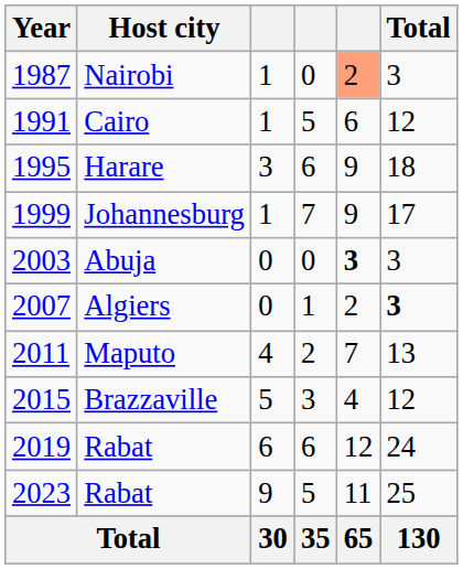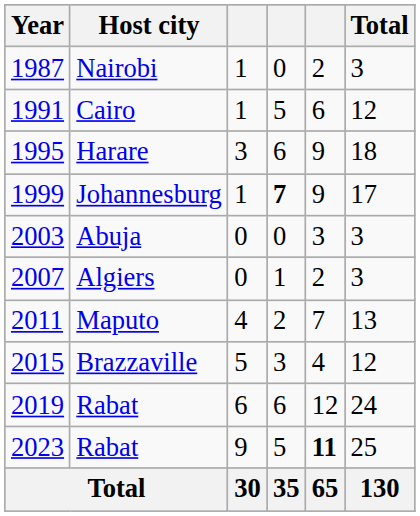 <table class="wikitable sortable">
 <tr>
 <th>Year</th>
 <th>Host city</th>
 <th></th>
 <th></th>
 <th></th>
 <th>Total</th>
 </tr>
 <tr>
 <td><a href='#'>1987</a></td>
 <td><a href='#'>Nairobi</a></td>
 <td>1</td>
 <td>0</td>
-<td style="background: lightsalmon;">2</td>
+<td>2</td>
 <td>3</td>
 </tr>
 <tr>
 <td><a href='#'>1991</a></td>
 <td><a href='#'>Cairo</a></td>
 <td>1</td>
 <td>5</td>
 <td>6</td>
 <td>12</td>
 </tr>
 <tr>
 <td><a href='#'>1995</a></td>
 <td><a href='#'>Harare</a></td>
 <td>3</td>
 <td>6</td>
 <td>9</td>
 <td>18</td>
 </tr>
 <tr>
 <td><a href='#'>1999</a></td>
 <td><a href='#'>Johannesburg</a></td>
 <td>1</td>
-<td>7</td>
+<td><strong>7</strong></td>
 <td>9</td>
 <td>17</td>
 </tr>
 <tr>
 <td><a href='#'>2003</a></td>
 <td><a href='#'>Abuja</a></td>
 <td>0</td>
 <td>0</td>
-<td><strong>3</strong></td>
+<td>3</td>
 <td>3</td>
 </tr>
 <tr>
 <td><a href='#'>2007</a></td>
 <td><a href='#'>Algiers</a></td>
 <td>0</td>
 <td>1</td>
 <td>2</td>
-<td><strong>3</strong></td>
+<td>3</td>
 </tr>
 <tr>
 <td><a href='#'>2011</a></td>
 <td><a href='#'>Maputo</a></td>
 <td>4</td>
 <td>2</td>
 <td>7</td>
 <td>13</td>
 </tr>
 <tr>
 <td><a href='#'>2015</a></td>
 <td><a href='#'>Brazzaville</a></td>
 <td>5</td>
 <td>3</td>
 <td>4</td>
 <td>12</td>
 </tr>
 <tr>
 <td><a href='#'>2019</a></td>
 <td><a href='#'>Rabat</a></td>
 <td>6</td>
 <td>6</td>
 <td>12</td>
 <td>24</td>
 </tr>
 <tr>
 <td><a href='#'>2023</a></td>
 <td><a href='#'>Rabat</a></td>
 <td>9</td>
 <td>5</td>
-<td>11</td>
+<td><strong>11</strong></td>
 <td>25</td>
 </tr>
 <tr>
 <th colspan="2">Total</th>
 <th>30</th>
 <th>35</th>
 <th>65</th>
 <th>130</th>
 </tr>
 </table>
